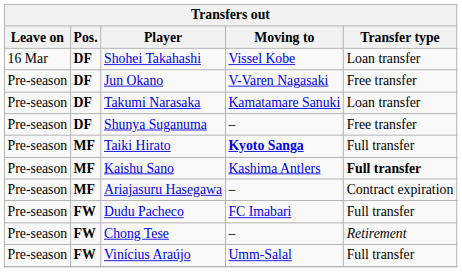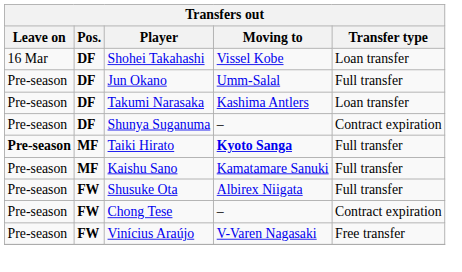 <table class="wikitable sortable" style=“text-align:left;>
 <tr>
 <th colspan="5">Transfers out</th>
 </tr>
 <tr>
 <th>Leave on</th>
 <th>Pos.</th>
 <th>Player</th>
 <th>Moving to</th>
 <th>Transfer type</th>
 </tr>
 <tr>
 <td>16 Mar</td>
 <td><strong>DF</strong></td>
 <td> <a href='#'>Shohei Takahashi</a></td>
 <td> <a href='#'>Vissel Kobe</a></td>
 <td>Loan transfer</td>
 </tr>
 <tr>
 <td>Pre-season</td>
 <td><strong>DF</strong></td>
 <td> <a href='#'>Jun Okano</a></td>
-<td> <a href='#'>V-Varen Nagasaki</a></td>
-<td>Free transfer</td>
+<td> <a href='#'>Umm-Salal</a></td>
+<td>Full transfer</td>
 </tr>
 <tr>
 <td>Pre-season</td>
 <td><strong>DF</strong></td>
 <td> <a href='#'>Takumi Narasaka</a></td>
-<td> <a href='#'>Kamatamare Sanuki</a></td>
+<td> <a href='#'>Kashima Antlers</a></td>
 <td>Loan transfer</td>
 </tr>
 <tr>
 <td>Pre-season</td>
 <td><strong>DF</strong></td>
 <td> <a href='#'>Shunya Suganuma</a></td>
 <td>–</td>
-<td>Free transfer</td>
+<td>Contract expiration</td>
 </tr>
 <tr>
-<td>Pre-season</td>
+<td><strong>Pre-season</strong></td>
 <td><strong>MF</strong></td>
 <td> <a href='#'>Taiki Hirato</a></td>
 <td><strong> <a href='#'>Kyoto Sanga</a></strong></td>
 <td>Full transfer</td>
 </tr>
 <tr>
 <td>Pre-season</td>
 <td><strong>MF</strong></td>
 <td> <a href='#'>Kaishu Sano</a></td>
-<td> <a href='#'>Kashima Antlers</a></td>
-<td><strong>Full transfer</strong></td>
-</tr>
-<tr>
-<td>Pre-season</td>
-<td><strong>MF</strong></td>
-<td> <a href='#'>Ariajasuru Hasegawa</a></td>
-<td>–</td>
-<td>Contract expiration</td>
+<td> <a href='#'>Kamatamare Sanuki</a></td>
+<td>Full transfer</td>
 </tr>
 <tr>
 <td>Pre-season</td>
 <td><strong>FW</strong></td>
-<td> <a href='#'>Dudu Pacheco</a></td>
-<td> <a href='#'>FC Imabari</a></td>
+<td> <a href='#'>Shusuke Ota</a></td>
+<td> <a href='#'>Albirex Niigata</a></td>
 <td>Full transfer</td>
 </tr>
 <tr>
 <td>Pre-season</td>
 <td><strong>FW</strong></td>
 <td> <a href='#'>Chong Tese</a></td>
 <td>–</td>
-<td><em>Retirement</em></td>
+<td>Contract expiration</td>
 </tr>
 <tr>
 <td>Pre-season</td>
 <td><strong>FW</strong></td>
 <td> <a href='#'>Vinícius Araújo</a></td>
-<td> <a href='#'>Umm-Salal</a></td>
-<td>Full transfer</td>
+<td> <a href='#'>V-Varen Nagasaki</a></td>
+<td>Free transfer</td>
 </tr>
 <tr>
 </tr>
 </table>
